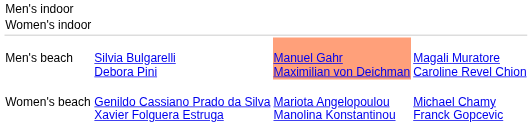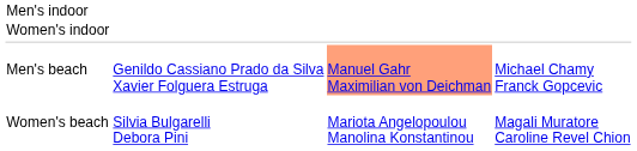 <table>
 <tr>
 <td>Men's indoor</td>
 <td></td>
 <td></td>
 <td></td>
 </tr>
 <tr>
 <td>Women's indoor</td>
 <td></td>
 <td></td>
 <td></td>
 </tr>
 <tr bgcolor=#DDDDDD>
 <td colspan=7></td>
 </tr>
 <tr>
 <td>Men's beach</td>
-<td><br><a href='#'>Silvia Bulgarelli</a><br><a href='#'>Debora Pini</a></td>
+<td><br><a href='#'>Genildo Cassiano Prado da Silva</a><br><a href='#'>Xavier Folguera Estruga</a></td>
 <td style="background: lightsalmon;"><br><a href='#'>Manuel Gahr</a><br><a href='#'>Maximilian von Deichman</a></td>
-<td><br><a href='#'>Magali Muratore</a><br><a href='#'>Caroline Revel Chion</a></td>
+<td><br><a href='#'>Michael Chamy</a><br><a href='#'>Franck Gopcevic</a></td>
 </tr>
 <tr>
 <td>Women's beach</td>
-<td><br><a href='#'>Genildo Cassiano Prado da Silva</a><br><a href='#'>Xavier Folguera Estruga</a></td>
+<td><br><a href='#'>Silvia Bulgarelli</a><br><a href='#'>Debora Pini</a></td>
 <td><br><a href='#'>Mariota Angelopoulou</a><br><a href='#'>Manolina Konstantinou</a></td>
-<td><br><a href='#'>Michael Chamy</a><br><a href='#'>Franck Gopcevic</a></td>
+<td><br><a href='#'>Magali Muratore</a><br><a href='#'>Caroline Revel Chion</a></td>
 </tr>
 </table>
